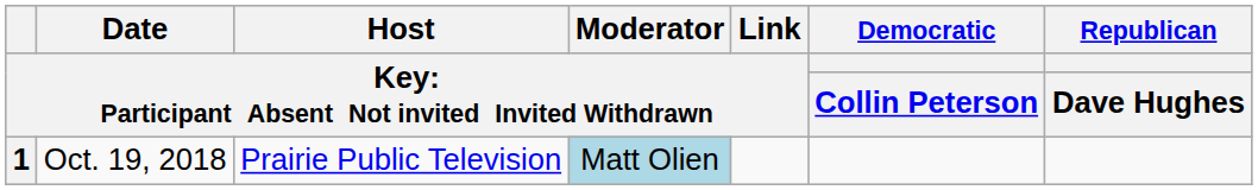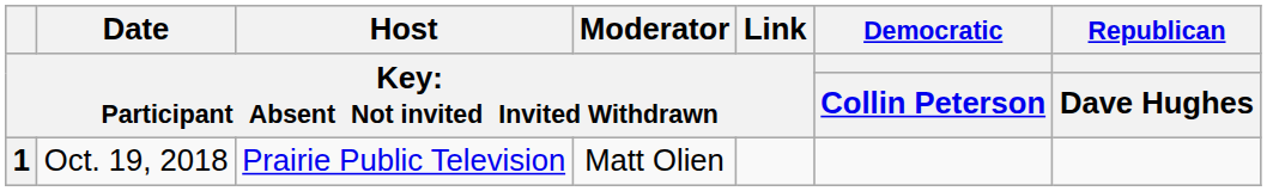 <table class="wikitable" style="text-align:center;">
 <tr>
 <th scope="col"></th>
 <th scope="col">Date</th>
 <th scope="col">Host</th>
 <th scope="col">Moderator</th>
 <th scope="col">Link</th>
 <th scope="col"><small><a href='#'>Democratic</a></small></th>
 <th scope="col"><small><a href='#'>Republican</a></small></th>
 </tr>
 <tr>
 <th colspan="5" rowspan="2">Key:<br> <small>Participant </small>  <small>Absent </small>  <small>Not invited </small>  <small>Invited  Withdrawn</small></th>
 <th scope="col" style="background:"></th>
 <th scope="col" style="background:"></th>
 </tr>
 <tr>
 <th scope="col"><a href='#'>Collin Peterson</a></th>
 <th scope="col">Dave Hughes</th>
 </tr>
 <tr>
 <th>1</th>
 <td style="white-space:nowrap;">Oct. 19, 2018</td>
 <td style="white-space:nowrap;"><a href='#'>Prairie Public Television</a></td>
-<td style="background: lightblue; white-space:nowrap;">Matt Olien</td>
+<td style="white-space:nowrap;">Matt Olien</td>
 <td style="white-space:nowrap;"></td>
 <td></td>
 <td></td>
 </tr>
 </table>
